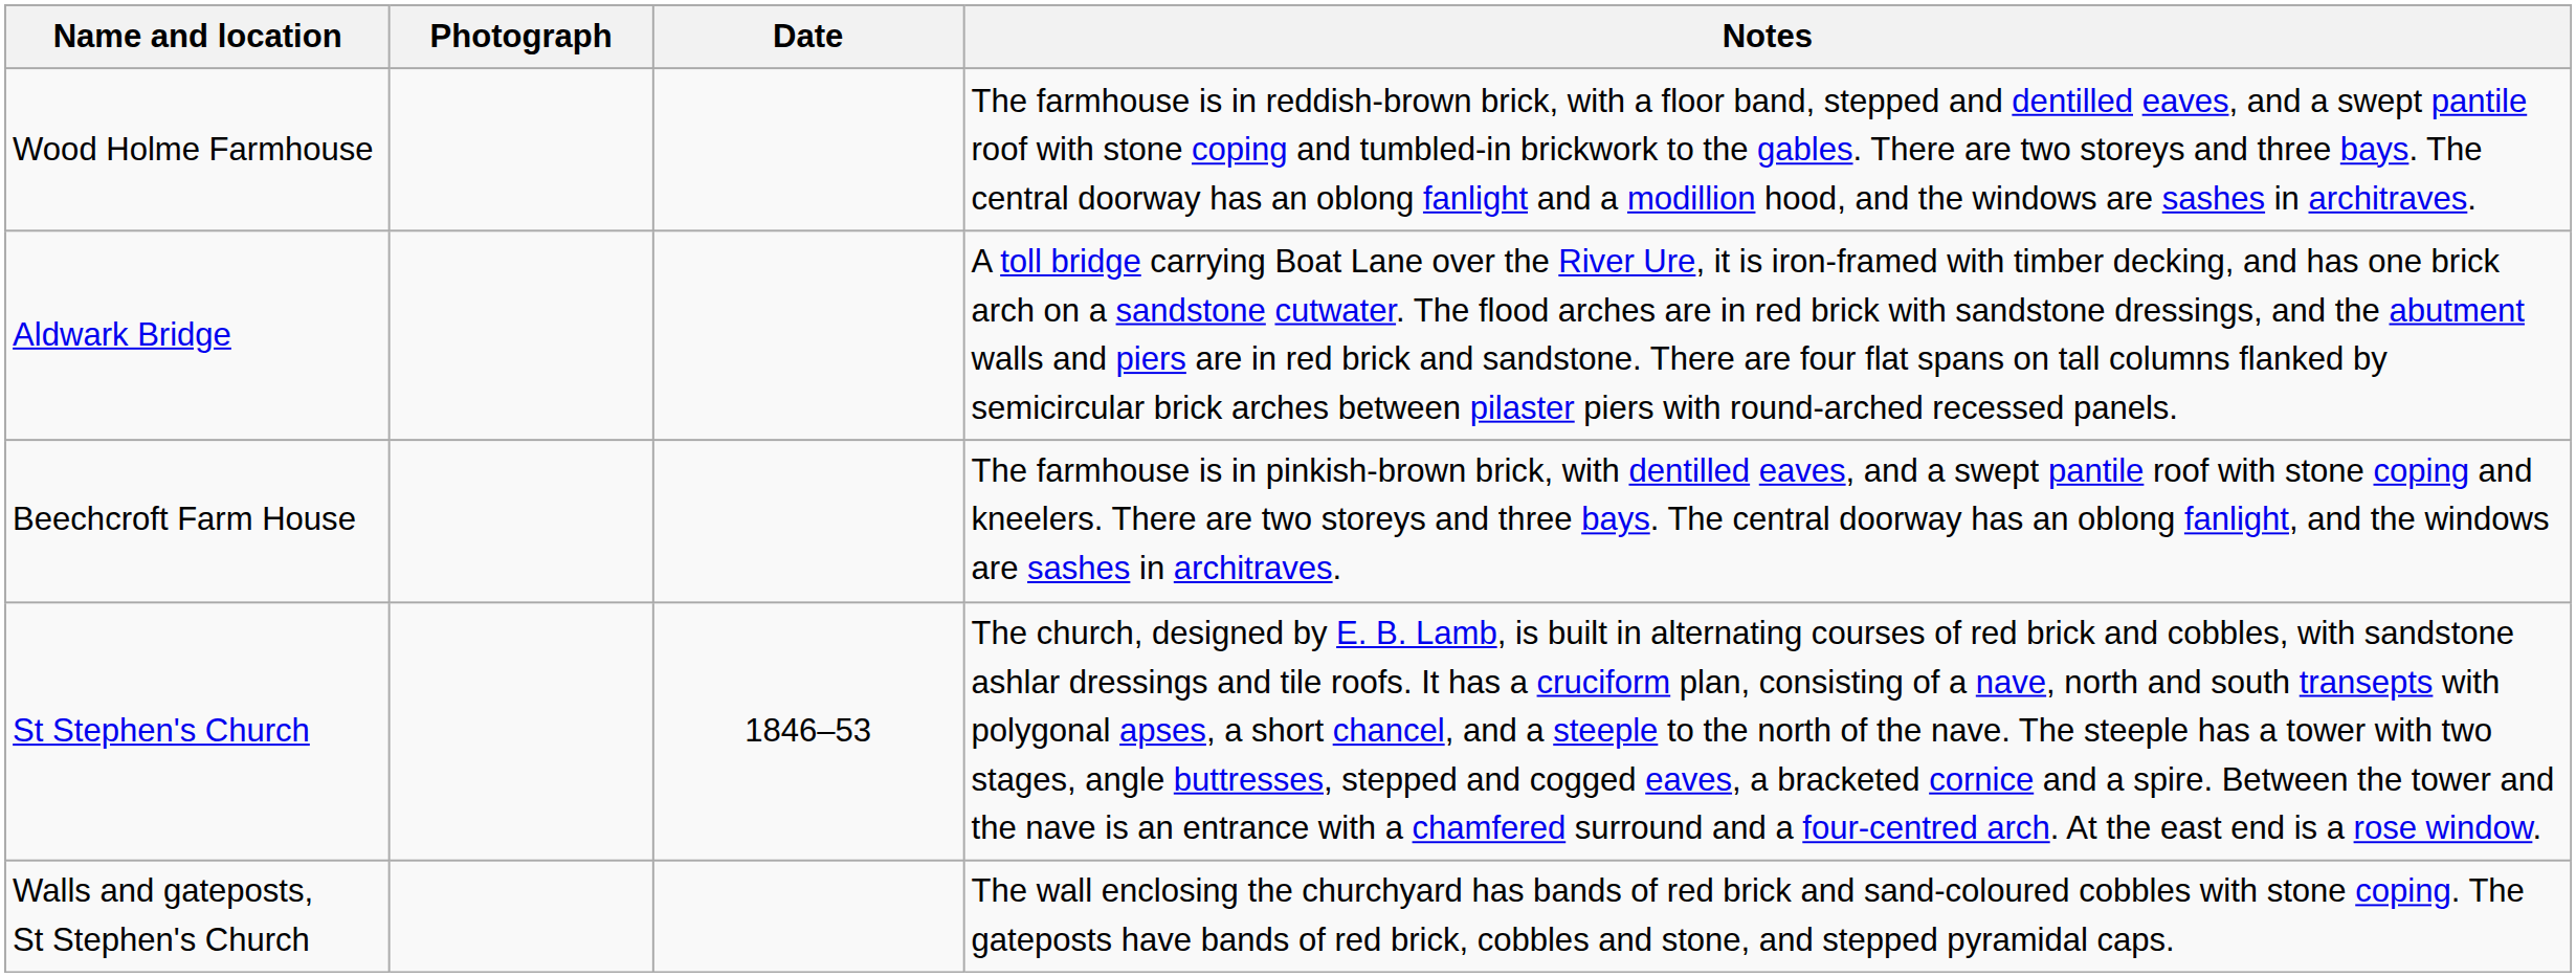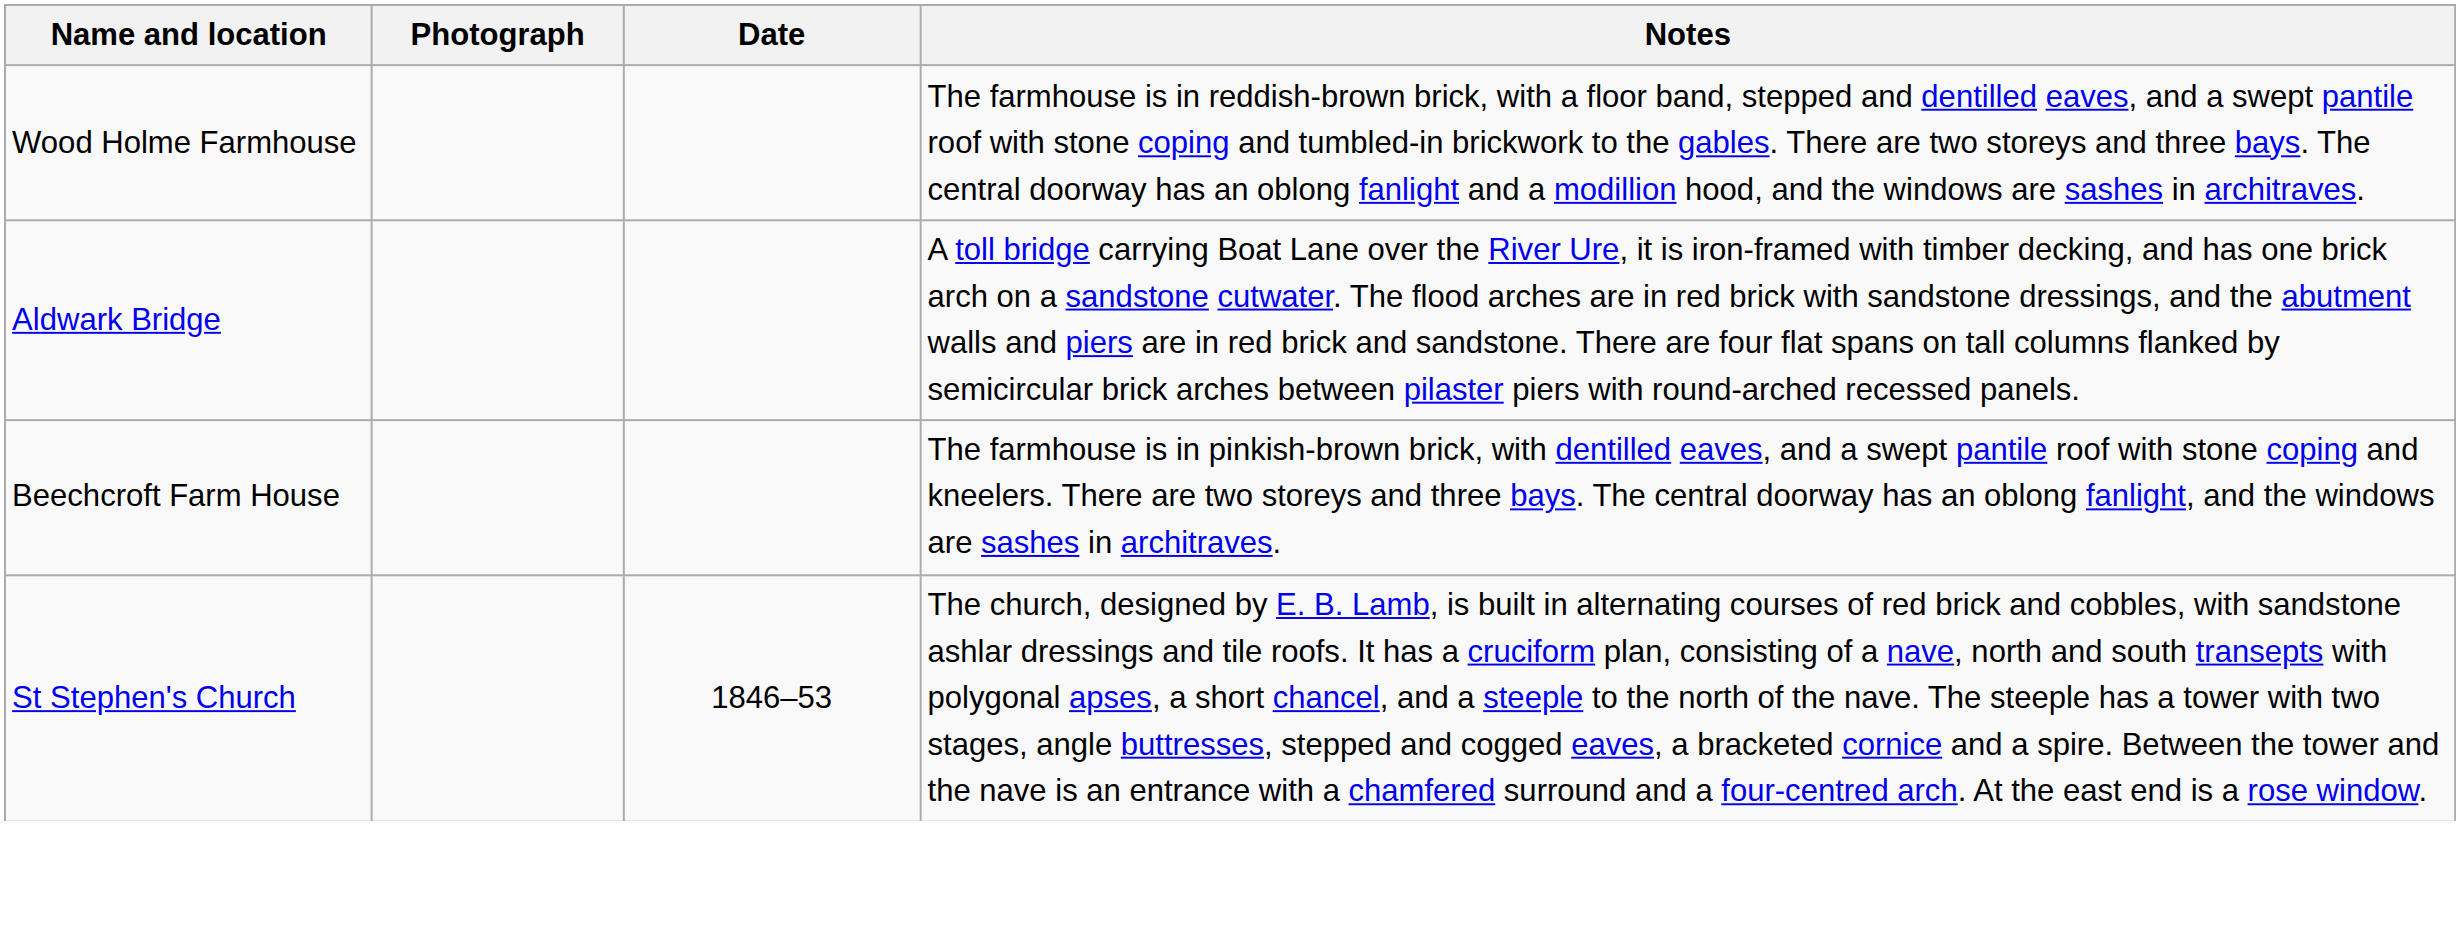 <table class="wikitable sortable plainrowheaders" style="width:100%;border:0px;text-align:left;line-height:150%;">
 <tr>
 <th scope="col"  style="width:150px">Name and location</th>
 <th scope="col"  style="width:100px" class="unsortable">Photograph</th>
 <th scope="col"  style="width:120px">Date</th>
 <th scope="col"  style="width:650px" class="unsortable">Notes</th>
 </tr>
 <tr>
 <td>Wood Holme Farmhouse<br><small></small></td>
 <td></td>
 <td align="center"></td>
 <td>The farmhouse is in reddish-brown brick, with a floor band, stepped and <a href='#'>dentilled</a> <a href='#'>eaves</a>, and a swept <a href='#'>pantile</a> roof with stone <a href='#'>coping</a> and tumbled-in brickwork to the <a href='#'>gables</a>.  There are two storeys and three <a href='#'>bays</a>.  The central doorway has an oblong <a href='#'>fanlight</a> and a <a href='#'>modillion</a> hood, and the windows are <a href='#'>sashes</a> in <a href='#'>architraves</a>.</td>
 </tr>
 <tr>
 <td><a href='#'>Aldwark Bridge</a><br><small></small></td>
 <td></td>
 <td align="center"></td>
 <td>A <a href='#'>toll bridge</a> carrying Boat Lane over the <a href='#'>River Ure</a>, it is iron-framed with timber decking, and has one brick arch on a <a href='#'>sandstone</a> <a href='#'>cutwater</a>.  The flood arches are in red brick with sandstone dressings, and the <a href='#'>abutment</a> walls and <a href='#'>piers</a> are in red brick and sandstone.  There are four flat spans on tall columns flanked by semicircular brick arches between <a href='#'>pilaster</a> piers with round-arched recessed panels.</td>
 </tr>
 <tr>
 <td>Beechcroft Farm House<br><small></small></td>
 <td></td>
 <td align="center"></td>
 <td>The farmhouse is in pinkish-brown brick, with <a href='#'>dentilled</a> <a href='#'>eaves</a>, and a swept <a href='#'>pantile</a> roof with stone <a href='#'>coping</a> and kneelers.  There are two storeys and three <a href='#'>bays</a>. The central doorway has an oblong <a href='#'>fanlight</a>, and the windows are <a href='#'>sashes</a> in <a href='#'>architraves</a>.</td>
 </tr>
 <tr>
 <td><a href='#'>St Stephen's Church</a><br><small></small></td>
 <td></td>
 <td align="center">1846–53</td>
 <td>The church, designed by <a href='#'>E. B. Lamb</a>, is built in alternating courses of red brick and cobbles, with sandstone ashlar dressings and tile roofs.  It has a <a href='#'>cruciform</a> plan, consisting of a <a href='#'>nave</a>, north and south <a href='#'>transepts</a> with polygonal <a href='#'>apses</a>, a short <a href='#'>chancel</a>, and a <a href='#'>steeple</a> to the north of the nave.  The steeple has a tower with two stages, angle <a href='#'>buttresses</a>, stepped and cogged <a href='#'>eaves</a>, a bracketed <a href='#'>cornice</a> and a spire.  Between the tower and the nave is an entrance with a <a href='#'>chamfered</a> surround and a <a href='#'>four-centred arch</a>.  At the east end is a <a href='#'>rose window</a>.</td>
 </tr>
 <tr>
-<td>Walls and gateposts,<br>St Stephen's Church<br><small></small></td>
-<td></td>
-<td align="center"></td>
-<td>The wall enclosing the churchyard has bands of red brick and sand-coloured cobbles with stone <a href='#'>coping</a>.  The gateposts have bands of red brick, cobbles and stone, and stepped pyramidal caps.</td>
-</tr>
-<tr>
 </tr>
 </table>
